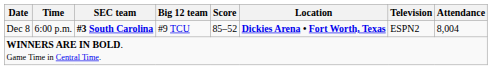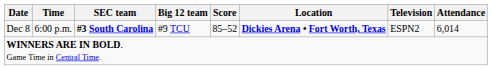 <table class="wikitable" style="font-size: 95%">
 <tr>
 <th>Date</th>
 <th>Time</th>
 <th>SEC team</th>
 <th>Big 12 team</th>
 <th>Score</th>
 <th>Location</th>
 <th>Television</th>
 <th>Attendance</th>
 </tr>
 <tr>
 <td rowspan=1>Dec 8</td>
 <td>6:00 p.m.</td>
 <td><strong>#3 <a href='#'>South Carolina</a></strong></td>
 <td>#9 <a href='#'>TCU</a></td>
 <td>85–52</td>
 <td rowspan=1><strong><a href='#'>Dickies Arena</a> • <a href='#'>Fort Worth, Texas</a></strong></td>
 <td>ESPN2</td>
-<td>8,004</td>
+<td>6,014</td>
 </tr>
 <tr>
 <td colspan=8><strong>WINNERS ARE IN BOLD</strong>.<br><small>Game Time in <a href='#'>Central Time</a>.</small></td>
 </tr>
 </table>
